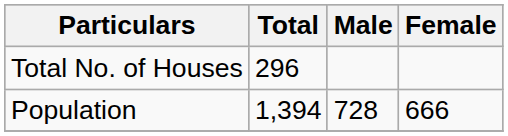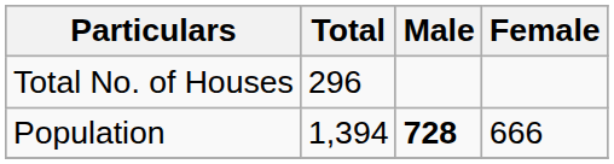 <table class="wikitable sortable">
 <tr>
 <th>Particulars</th>
 <th>Total</th>
 <th>Male</th>
 <th>Female</th>
 </tr>
 <tr>
 <td>Total No. of Houses</td>
 <td>296</td>
 <td></td>
 <td></td>
 </tr>
 <tr>
 <td>Population</td>
 <td>1,394</td>
-<td>728</td>
+<td><strong>728</strong></td>
 <td>666</td>
 </tr>
 <tr>
 </tr>
 </table>
